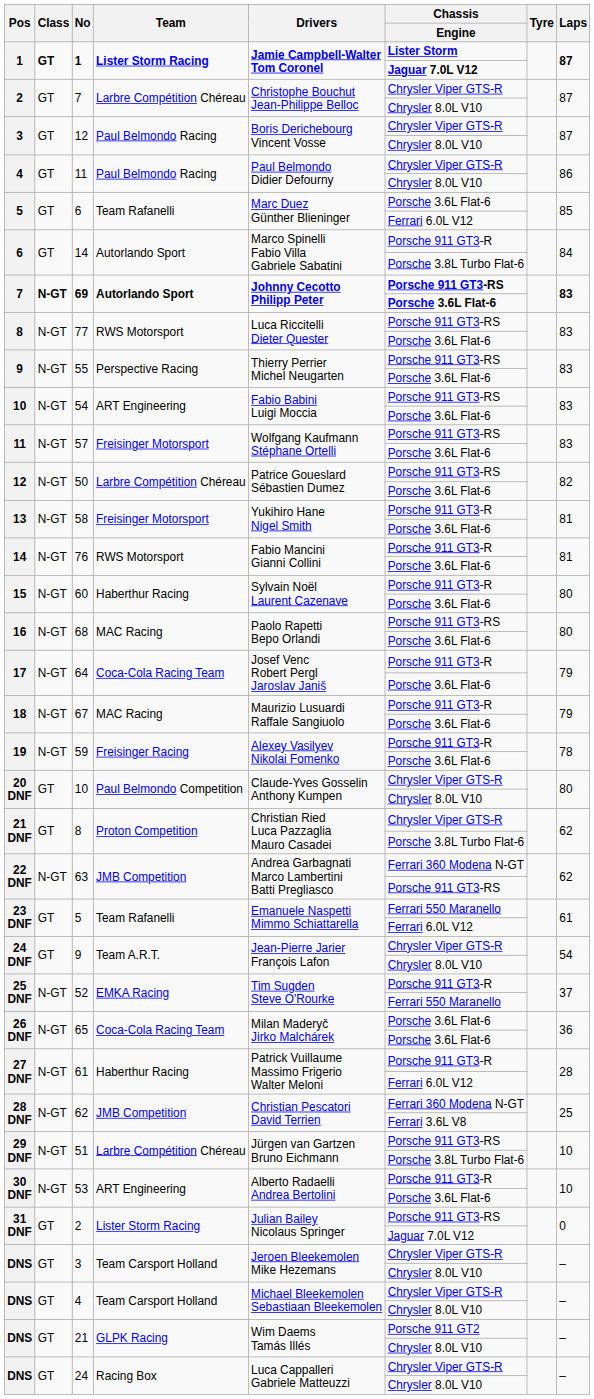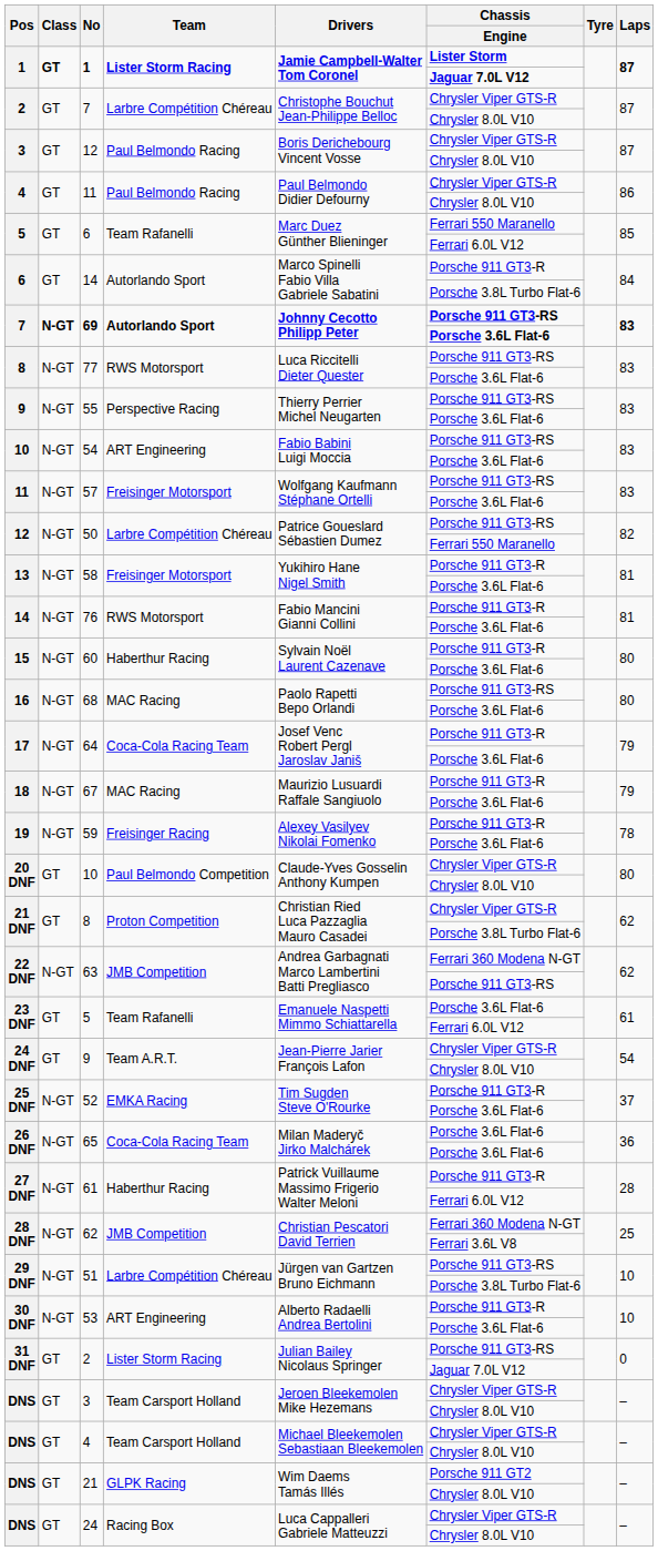 <table class="wikitable" style="font-size: 95%;">
 <tr>
 <th rowspan=2>Pos</th>
 <th rowspan=2>Class</th>
 <th rowspan=2>No</th>
 <th rowspan=2>Team</th>
 <th rowspan=2>Drivers</th>
 <th>Chassis</th>
 <th rowspan=2>Tyre</th>
 <th rowspan=2>Laps</th>
 </tr>
 <tr>
 <th>Engine</th>
 </tr>
 <tr style="font-weight:bold">
 <th rowspan=2>1</th>
 <td rowspan=2>GT</td>
 <td rowspan=2>1</td>
 <td rowspan=2> <a href='#'>Lister Storm Racing</a></td>
 <td rowspan=2> <a href='#'>Jamie Campbell-Walter</a><br> <a href='#'>Tom Coronel</a></td>
 <td><a href='#'>Lister Storm</a></td>
 <td rowspan=2></td>
 <td rowspan=2>87</td>
 </tr>
 <tr style="font-weight:bold">
 <td><a href='#'>Jaguar</a> 7.0L V12</td>
 </tr>
 <tr>
 <th rowspan=2>2</th>
 <td rowspan=2>GT</td>
 <td rowspan=2>7</td>
 <td rowspan=2> <a href='#'>Larbre Compétition</a> Chéreau</td>
 <td rowspan=2> <a href='#'>Christophe Bouchut</a><br> <a href='#'>Jean-Philippe Belloc</a></td>
 <td><a href='#'>Chrysler Viper GTS-R</a></td>
 <td rowspan=2></td>
 <td rowspan=2>87</td>
 </tr>
 <tr>
 <td><a href='#'>Chrysler</a> 8.0L V10</td>
 </tr>
 <tr>
 <th rowspan=2>3</th>
 <td rowspan=2>GT</td>
 <td rowspan=2>12</td>
 <td rowspan=2> <a href='#'>Paul Belmondo</a> Racing</td>
 <td rowspan=2> <a href='#'>Boris Derichebourg</a><br> Vincent Vosse</td>
 <td><a href='#'>Chrysler Viper GTS-R</a></td>
 <td rowspan=2></td>
 <td rowspan=2>87</td>
 </tr>
 <tr>
 <td><a href='#'>Chrysler</a> 8.0L V10</td>
 </tr>
 <tr>
 <th rowspan=2>4</th>
 <td rowspan=2>GT</td>
 <td rowspan=2>11</td>
 <td rowspan=2> <a href='#'>Paul Belmondo</a> Racing</td>
 <td rowspan=2> <a href='#'>Paul Belmondo</a><br> Didier Defourny</td>
 <td><a href='#'>Chrysler Viper GTS-R</a></td>
 <td rowspan=2></td>
 <td rowspan=2>86</td>
 </tr>
 <tr>
 <td><a href='#'>Chrysler</a> 8.0L V10</td>
 </tr>
 <tr>
 <th rowspan=2>5</th>
 <td rowspan=2>GT</td>
 <td rowspan=2>6</td>
 <td rowspan=2> Team Rafanelli</td>
 <td rowspan=2> <a href='#'>Marc Duez</a><br> Günther Blieninger</td>
-<td><a href='#'>Porsche</a> 3.6L Flat-6</td>
+<td><a href='#'>Ferrari 550 Maranello</a></td>
 <td rowspan=2></td>
 <td rowspan=2>85</td>
 </tr>
 <tr>
 <td><a href='#'>Ferrari</a> 6.0L V12</td>
 </tr>
 <tr>
 <th rowspan=2>6</th>
 <td rowspan=2>GT</td>
 <td rowspan=2>14</td>
 <td rowspan=2> Autorlando Sport</td>
 <td rowspan=2> Marco Spinelli<br> Fabio Villa<br> Gabriele Sabatini</td>
 <td><a href='#'>Porsche 911 GT3</a>-R</td>
 <td rowspan=2></td>
 <td rowspan=2>84</td>
 </tr>
 <tr>
 <td><a href='#'>Porsche</a> 3.8L Turbo Flat-6</td>
 </tr>
 <tr style="font-weight:bold">
 <th rowspan=2>7</th>
 <td rowspan=2>N-GT</td>
 <td rowspan=2>69</td>
 <td rowspan=2> Autorlando Sport</td>
 <td rowspan=2> <a href='#'>Johnny Cecotto</a><br> <a href='#'>Philipp Peter</a></td>
 <td><a href='#'>Porsche 911 GT3</a>-RS</td>
 <td rowspan=2></td>
 <td rowspan=2>83</td>
 </tr>
 <tr style="font-weight:bold">
 <td><a href='#'>Porsche</a> 3.6L Flat-6</td>
 </tr>
 <tr>
 <th rowspan=2>8</th>
 <td rowspan=2>N-GT</td>
 <td rowspan=2>77</td>
 <td rowspan=2> RWS Motorsport</td>
 <td rowspan=2> Luca Riccitelli<br> <a href='#'>Dieter Quester</a></td>
 <td><a href='#'>Porsche 911 GT3</a>-RS</td>
 <td rowspan=2></td>
 <td rowspan=2>83</td>
 </tr>
 <tr>
 <td><a href='#'>Porsche</a> 3.6L Flat-6</td>
 </tr>
 <tr>
 <th rowspan=2>9</th>
 <td rowspan=2>N-GT</td>
 <td rowspan=2>55</td>
 <td rowspan=2> Perspective Racing</td>
 <td rowspan=2> Thierry Perrier<br> Michel Neugarten</td>
 <td><a href='#'>Porsche 911 GT3</a>-RS</td>
 <td rowspan=2></td>
 <td rowspan=2>83</td>
 </tr>
 <tr>
 <td><a href='#'>Porsche</a> 3.6L Flat-6</td>
 </tr>
 <tr>
 <th rowspan=2>10</th>
 <td rowspan=2>N-GT</td>
 <td rowspan=2>54</td>
 <td rowspan=2> ART Engineering</td>
 <td rowspan=2> <a href='#'>Fabio Babini</a><br> Luigi Moccia</td>
 <td><a href='#'>Porsche 911 GT3</a>-RS</td>
 <td rowspan=2></td>
 <td rowspan=2>83</td>
 </tr>
 <tr>
 <td><a href='#'>Porsche</a> 3.6L Flat-6</td>
 </tr>
 <tr>
 <th rowspan=2>11</th>
 <td rowspan=2>N-GT</td>
 <td rowspan=2>57</td>
 <td rowspan=2> <a href='#'>Freisinger Motorsport</a></td>
 <td rowspan=2> Wolfgang Kaufmann<br> <a href='#'>Stéphane Ortelli</a></td>
 <td><a href='#'>Porsche 911 GT3</a>-RS</td>
 <td rowspan=2></td>
 <td rowspan=2>83</td>
 </tr>
 <tr>
 <td><a href='#'>Porsche</a> 3.6L Flat-6</td>
 </tr>
 <tr>
 <th rowspan=2>12</th>
 <td rowspan=2>N-GT</td>
 <td rowspan=2>50</td>
 <td rowspan=2> <a href='#'>Larbre Compétition</a> Chéreau</td>
 <td rowspan=2> Patrice Goueslard<br> Sébastien Dumez</td>
 <td><a href='#'>Porsche 911 GT3</a>-RS</td>
 <td rowspan=2></td>
 <td rowspan=2>82</td>
 </tr>
 <tr>
-<td><a href='#'>Porsche</a> 3.6L Flat-6</td>
+<td><a href='#'>Ferrari 550 Maranello</a></td>
 </tr>
 <tr>
 <th rowspan=2>13</th>
 <td rowspan=2>N-GT</td>
 <td rowspan=2>58</td>
 <td rowspan=2> <a href='#'>Freisinger Motorsport</a></td>
 <td rowspan=2> Yukihiro Hane<br> <a href='#'>Nigel Smith</a></td>
 <td><a href='#'>Porsche 911 GT3</a>-R</td>
 <td rowspan=2></td>
 <td rowspan=2>81</td>
 </tr>
 <tr>
 <td><a href='#'>Porsche</a> 3.6L Flat-6</td>
 </tr>
 <tr>
 <th rowspan=2>14</th>
 <td rowspan=2>N-GT</td>
 <td rowspan=2>76</td>
 <td rowspan=2> RWS Motorsport</td>
 <td rowspan=2> Fabio Mancini<br> Gianni Collini</td>
 <td><a href='#'>Porsche 911 GT3</a>-R</td>
 <td rowspan=2></td>
 <td rowspan=2>81</td>
 </tr>
 <tr>
 <td><a href='#'>Porsche</a> 3.6L Flat-6</td>
 </tr>
 <tr>
 <th rowspan=2>15</th>
 <td rowspan=2>N-GT</td>
 <td rowspan=2>60</td>
 <td rowspan=2> Haberthur Racing</td>
 <td rowspan=2> Sylvain Noël<br> <a href='#'>Laurent Cazenave</a></td>
 <td><a href='#'>Porsche 911 GT3</a>-R</td>
 <td rowspan=2></td>
 <td rowspan=2>80</td>
 </tr>
 <tr>
 <td><a href='#'>Porsche</a> 3.6L Flat-6</td>
 </tr>
 <tr>
 <th rowspan=2>16</th>
 <td rowspan=2>N-GT</td>
 <td rowspan=2>68</td>
 <td rowspan=2> MAC Racing</td>
 <td rowspan=2> Paolo Rapetti<br> Bepo Orlandi</td>
 <td><a href='#'>Porsche 911 GT3</a>-RS</td>
 <td rowspan=2></td>
 <td rowspan=2>80</td>
 </tr>
 <tr>
 <td><a href='#'>Porsche</a> 3.6L Flat-6</td>
 </tr>
 <tr>
 <th rowspan=2>17</th>
 <td rowspan=2>N-GT</td>
 <td rowspan=2>64</td>
 <td rowspan=2> <a href='#'>Coca-Cola Racing Team</a></td>
 <td rowspan=2> Josef Venc<br> Robert Pergl<br> <a href='#'>Jaroslav Janiš</a></td>
 <td><a href='#'>Porsche 911 GT3</a>-R</td>
 <td rowspan=2></td>
 <td rowspan=2>79</td>
 </tr>
 <tr>
 <td><a href='#'>Porsche</a> 3.6L Flat-6</td>
 </tr>
 <tr>
 <th rowspan=2>18</th>
 <td rowspan=2>N-GT</td>
 <td rowspan=2>67</td>
 <td rowspan=2> MAC Racing</td>
 <td rowspan=2> Maurizio Lusuardi<br> Raffale Sangiuolo</td>
 <td><a href='#'>Porsche 911 GT3</a>-R</td>
 <td rowspan=2></td>
 <td rowspan=2>79</td>
 </tr>
 <tr>
 <td><a href='#'>Porsche</a> 3.6L Flat-6</td>
 </tr>
 <tr>
 <th rowspan=2>19</th>
 <td rowspan=2>N-GT</td>
 <td rowspan=2>59</td>
 <td rowspan=2> <a href='#'>Freisinger Racing</a></td>
 <td rowspan=2> <a href='#'>Alexey Vasilyev</a><br> <a href='#'>Nikolai Fomenko</a></td>
 <td><a href='#'>Porsche 911 GT3</a>-R</td>
 <td rowspan=2></td>
 <td rowspan=2>78</td>
 </tr>
 <tr>
 <td><a href='#'>Porsche</a> 3.6L Flat-6</td>
 </tr>
 <tr>
 <th rowspan=2>20<br>DNF</th>
 <td rowspan=2>GT</td>
 <td rowspan=2>10</td>
 <td rowspan=2> <a href='#'>Paul Belmondo</a> Competition</td>
 <td rowspan=2> Claude-Yves Gosselin<br> Anthony Kumpen</td>
 <td><a href='#'>Chrysler Viper GTS-R</a></td>
 <td rowspan=2></td>
 <td rowspan=2>80</td>
 </tr>
 <tr>
 <td><a href='#'>Chrysler</a> 8.0L V10</td>
 </tr>
 <tr>
 <th rowspan=2>21<br>DNF</th>
 <td rowspan=2>GT</td>
 <td rowspan=2>8</td>
 <td rowspan=2> <a href='#'>Proton Competition</a></td>
 <td rowspan=2> Christian Ried<br> Luca Pazzaglia<br> Mauro Casadei</td>
 <td><a href='#'>Chrysler Viper GTS-R</a></td>
 <td rowspan=2></td>
 <td rowspan=2>62</td>
 </tr>
 <tr>
 <td><a href='#'>Porsche</a> 3.8L Turbo Flat-6</td>
 </tr>
 <tr>
 <th rowspan=2>22<br>DNF</th>
 <td rowspan=2>N-GT</td>
 <td rowspan=2>63</td>
 <td rowspan=2> <a href='#'>JMB Competition</a></td>
 <td rowspan=2> Andrea Garbagnati<br> Marco Lambertini<br> Batti Pregliasco</td>
 <td><a href='#'>Ferrari 360 Modena</a> N-GT</td>
 <td rowspan=2></td>
 <td rowspan=2>62</td>
 </tr>
 <tr>
 <td><a href='#'>Porsche 911 GT3</a>-RS</td>
 </tr>
 <tr>
 <th rowspan=2>23<br>DNF</th>
 <td rowspan=2>GT</td>
 <td rowspan=2>5</td>
 <td rowspan=2> Team Rafanelli</td>
 <td rowspan=2> <a href='#'>Emanuele Naspetti</a><br> <a href='#'>Mimmo Schiattarella</a></td>
-<td><a href='#'>Ferrari 550 Maranello</a></td>
+<td><a href='#'>Porsche</a> 3.6L Flat-6</td>
 <td rowspan=2></td>
 <td rowspan=2>61</td>
 </tr>
 <tr>
 <td><a href='#'>Ferrari</a> 6.0L V12</td>
 </tr>
 <tr>
 <th rowspan=2>24<br>DNF</th>
 <td rowspan=2>GT</td>
 <td rowspan=2>9</td>
 <td rowspan=2> Team A.R.T.</td>
 <td rowspan=2> <a href='#'>Jean-Pierre Jarier</a><br> François Lafon</td>
 <td><a href='#'>Chrysler Viper GTS-R</a></td>
 <td rowspan=2></td>
 <td rowspan=2>54</td>
 </tr>
 <tr>
 <td><a href='#'>Chrysler</a> 8.0L V10</td>
 </tr>
 <tr>
 <th rowspan=2>25<br>DNF</th>
 <td rowspan=2>N-GT</td>
 <td rowspan=2>52</td>
 <td rowspan=2> <a href='#'>EMKA Racing</a></td>
 <td rowspan=2> <a href='#'>Tim Sugden</a><br> <a href='#'>Steve O'Rourke</a></td>
 <td><a href='#'>Porsche 911 GT3</a>-R</td>
 <td rowspan=2></td>
 <td rowspan=2>37</td>
 </tr>
 <tr>
-<td><a href='#'>Ferrari 550 Maranello</a></td>
+<td><a href='#'>Porsche</a> 3.6L Flat-6</td>
 </tr>
 <tr>
 <th rowspan=2>26<br>DNF</th>
 <td rowspan=2>N-GT</td>
 <td rowspan=2>65</td>
 <td rowspan=2> <a href='#'>Coca-Cola Racing Team</a></td>
 <td rowspan=2> Milan Maderyč<br> <a href='#'>Jirko Malchárek</a></td>
 <td><a href='#'>Porsche</a> 3.6L Flat-6</td>
 <td rowspan=2></td>
 <td rowspan=2>36</td>
 </tr>
 <tr>
 <td><a href='#'>Porsche</a> 3.6L Flat-6</td>
 </tr>
 <tr>
 <th rowspan=2>27<br>DNF</th>
 <td rowspan=2>N-GT</td>
 <td rowspan=2>61</td>
 <td rowspan=2> Haberthur Racing</td>
 <td rowspan=2> Patrick Vuillaume<br> Massimo Frigerio<br> Walter Meloni</td>
 <td><a href='#'>Porsche 911 GT3</a>-R</td>
 <td rowspan=2></td>
 <td rowspan=2>28</td>
 </tr>
 <tr>
 <td><a href='#'>Ferrari</a> 6.0L V12</td>
 </tr>
 <tr>
 <th rowspan=2>28<br>DNF</th>
 <td rowspan=2>N-GT</td>
 <td rowspan=2>62</td>
 <td rowspan=2> <a href='#'>JMB Competition</a></td>
 <td rowspan=2> <a href='#'>Christian Pescatori</a><br> <a href='#'>David Terrien</a></td>
 <td><a href='#'>Ferrari 360 Modena</a> N-GT</td>
 <td rowspan=2></td>
 <td rowspan=2>25</td>
 </tr>
 <tr>
 <td><a href='#'>Ferrari</a> 3.6L V8</td>
 </tr>
 <tr>
 <th rowspan=2>29<br>DNF</th>
 <td rowspan=2>N-GT</td>
 <td rowspan=2>51</td>
 <td rowspan=2> <a href='#'>Larbre Compétition</a> Chéreau</td>
 <td rowspan=2> Jürgen van Gartzen<br> Bruno Eichmann</td>
 <td><a href='#'>Porsche 911 GT3</a>-RS</td>
 <td rowspan=2></td>
 <td rowspan=2>10</td>
 </tr>
 <tr>
 <td><a href='#'>Porsche</a> 3.8L Turbo Flat-6</td>
 </tr>
 <tr>
 <th rowspan=2>30<br>DNF</th>
 <td rowspan=2>N-GT</td>
 <td rowspan=2>53</td>
 <td rowspan=2> ART Engineering</td>
 <td rowspan=2> Alberto Radaelli<br> <a href='#'>Andrea Bertolini</a></td>
 <td><a href='#'>Porsche 911 GT3</a>-R</td>
 <td rowspan=2></td>
 <td rowspan=2>10</td>
 </tr>
 <tr>
 <td><a href='#'>Porsche</a> 3.6L Flat-6</td>
 </tr>
 <tr>
 <th rowspan=2>31<br>DNF</th>
 <td rowspan=2>GT</td>
 <td rowspan=2>2</td>
 <td rowspan=2> <a href='#'>Lister Storm Racing</a></td>
 <td rowspan=2> <a href='#'>Julian Bailey</a><br> Nicolaus Springer</td>
 <td><a href='#'>Porsche 911 GT3</a>-RS</td>
 <td rowspan=2></td>
 <td rowspan=2>0</td>
 </tr>
 <tr>
 <td><a href='#'>Jaguar</a> 7.0L V12</td>
 </tr>
 <tr>
 <th rowspan=2>DNS</th>
 <td rowspan=2>GT</td>
 <td rowspan=2>3</td>
 <td rowspan=2> Team Carsport Holland</td>
 <td rowspan=2> <a href='#'>Jeroen Bleekemolen</a><br> Mike Hezemans</td>
 <td><a href='#'>Chrysler Viper GTS-R</a></td>
 <td rowspan=2></td>
 <td rowspan=2>–</td>
 </tr>
 <tr>
 <td><a href='#'>Chrysler</a> 8.0L V10</td>
 </tr>
 <tr>
 <th rowspan=2>DNS</th>
 <td rowspan=2>GT</td>
 <td rowspan=2>4</td>
 <td rowspan=2> Team Carsport Holland</td>
 <td rowspan=2> <a href='#'>Michael Bleekemolen</a><br> <a href='#'>Sebastiaan Bleekemolen</a></td>
 <td><a href='#'>Chrysler Viper GTS-R</a></td>
 <td rowspan=2></td>
 <td rowspan=2>–</td>
 </tr>
 <tr>
 <td><a href='#'>Chrysler</a> 8.0L V10</td>
 </tr>
 <tr>
 <th rowspan=2>DNS</th>
 <td rowspan=2>GT</td>
 <td rowspan=2>21</td>
 <td rowspan=2> <a href='#'>GLPK Racing</a></td>
 <td rowspan=2> Wim Daems<br> Tamás Illés</td>
 <td><a href='#'>Porsche 911 GT2</a></td>
 <td rowspan=2></td>
 <td rowspan=2>–</td>
 </tr>
 <tr>
 <td><a href='#'>Chrysler</a> 8.0L V10</td>
 </tr>
 <tr>
 <th rowspan=2>DNS</th>
 <td rowspan=2>GT</td>
 <td rowspan=2>24</td>
 <td rowspan=2> Racing Box</td>
 <td rowspan=2> Luca Cappalleri<br> Gabriele Matteuzzi</td>
 <td><a href='#'>Chrysler Viper GTS-R</a></td>
 <td rowspan=2></td>
 <td rowspan=2>–</td>
 </tr>
 <tr>
 <td><a href='#'>Chrysler</a> 8.0L V10</td>
 </tr>
 </table>
